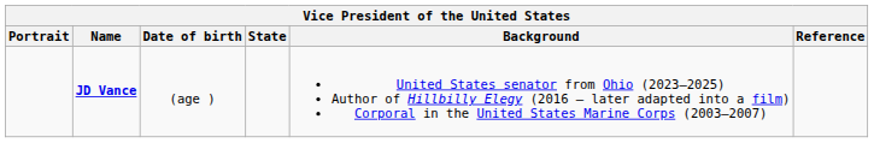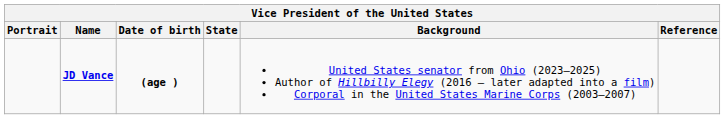 <table class="wikitable collapsible" style="text-align:center;">
 <tr>
 <th colspan="6">Vice President of the United States</th>
 </tr>
 <tr>
 <th>Portrait</th>
 <th>Name</th>
 <th>Date of birth</th>
 <th>State</th>
 <th>Background</th>
 <th>Reference</th>
 </tr>
 <tr>
 <td></td>
 <td><strong><a href='#'>JD Vance</a></strong></td>
-<td><br>(age )</td>
+<td><strong><br>(age )</strong></td>
 <td></td>
 <td><br><ul><li><a href='#'>United States senator</a> from <a href='#'>Ohio</a> (2023–2025)</li><li>Author of <em><a href='#'>Hillbilly Elegy</a></em> (2016 – later adapted into a <a href='#'>film</a>)</li><li><a href='#'>Corporal</a> in the <a href='#'>United States Marine Corps</a> (2003–2007)</li></ul></td>
 <td></td>
 </tr>
 </table>
